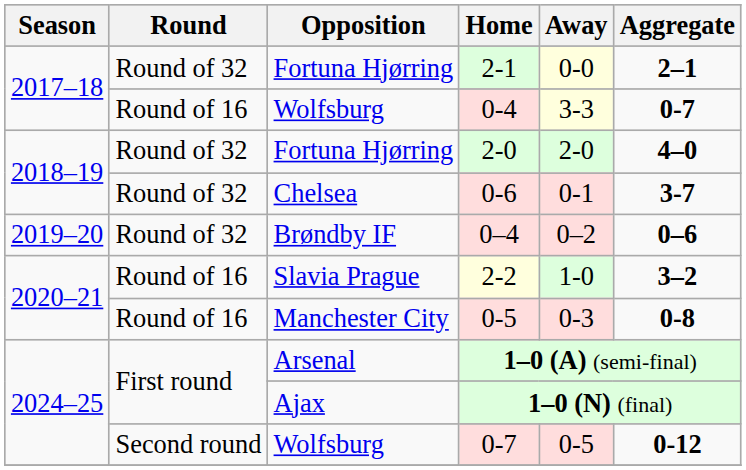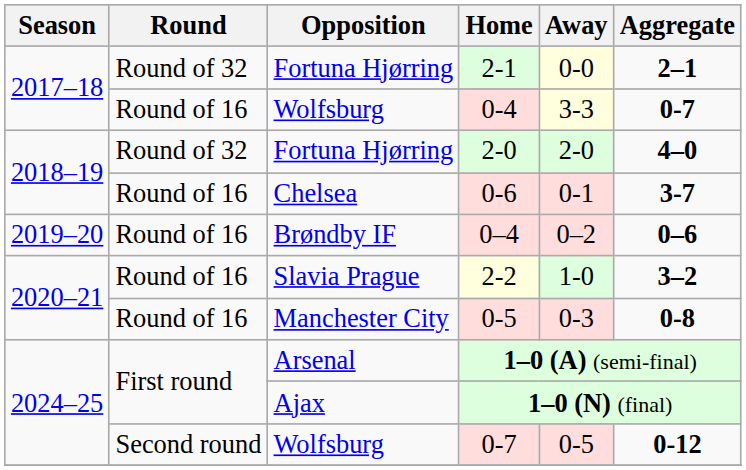 <table class="wikitable plainrowheaders">
 <tr>
 <th scope="col">Season</th>
 <th scope="col">Round</th>
 <th scope="col">Opposition</th>
 <th scope="col">Home</th>
 <th scope="col">Away</th>
 <th scope="col">Aggregate</th>
 </tr>
 <tr>
 <td rowspan="2"><a href='#'>2017–18</a></td>
 <td>Round of 32</td>
 <td> <a href='#'>Fortuna Hjørring</a></td>
 <td style="text-align:center; background:#dfd;">2-1</td>
 <td style="text-align:center; background:#ffd;">0-0</td>
 <td style="text-align:center;"><strong>2–1</strong></td>
 </tr>
 <tr>
 <td>Round of 16</td>
 <td> <a href='#'>Wolfsburg</a></td>
 <td style="text-align:center; background:#fdd;">0-4</td>
 <td style="text-align:center; background:#ffd;">3-3</td>
 <td style="text-align:center;"><strong>0-7</strong></td>
 </tr>
 <tr>
 <td rowspan="2"><a href='#'>2018–19</a></td>
 <td>Round of 32</td>
 <td> <a href='#'>Fortuna Hjørring</a></td>
 <td style="text-align:center; background:#dfd;">2-0</td>
 <td style="text-align:center; background:#dfd;">2-0</td>
 <td style="text-align:center;"><strong>4–0</strong></td>
 </tr>
 <tr>
-<td>Round of 32</td>
+<td>Round of 16</td>
 <td> <a href='#'>Chelsea</a></td>
 <td style="text-align:center; background:#fdd;">0-6</td>
 <td style="text-align:center; background:#fdd;">0-1</td>
 <td style="text-align:center;"><strong>3-7</strong></td>
 </tr>
 <tr>
 <td><a href='#'>2019–20</a></td>
-<td>Round of 32</td>
+<td>Round of 16</td>
 <td> <a href='#'>Brøndby IF</a></td>
 <td style="text-align:center; background:#fdd;">0–4</td>
 <td style="text-align:center; background:#fdd;">0–2</td>
 <td style="text-align:center;"><strong>0–6</strong></td>
 </tr>
 <tr>
 <td rowspan="2"><a href='#'>2020–21</a></td>
 <td>Round of 16</td>
 <td> <a href='#'>Slavia Prague</a></td>
 <td style="text-align:center; background:#ffd;">2-2</td>
 <td style="text-align:center; background:#dfd;">1-0</td>
 <td style="text-align:center;"><strong>3–2</strong></td>
 </tr>
 <tr>
 <td>Round of 16</td>
 <td> <a href='#'>Manchester City</a></td>
 <td style="text-align:center; background:#fdd;">0-5</td>
 <td style="text-align:center; background:#fdd;">0-3</td>
 <td style="text-align:center;"><strong>0-8</strong></td>
 </tr>
 <tr>
 <td rowspan="3"><a href='#'>2024–25</a></td>
 <td rowspan="2">First round</td>
 <td> <a href='#'>Arsenal</a></td>
 <td colspan="3" style="text-align:center; background:#dfd;"><strong>1–0 (A)</strong> <small>(semi-final)</small></td>
 </tr>
 <tr>
 <td> <a href='#'>Ajax</a></td>
 <td colspan="3" style="text-align:center; background:#dfd;"><strong>1–0 (N)</strong> <small>(final)</small></td>
 </tr>
 <tr>
 <td>Second round</td>
 <td> <a href='#'>Wolfsburg</a></td>
 <td style="text-align:center; background:#fdd;">0-7</td>
 <td style="text-align:center; background:#fdd;">0-5</td>
 <td style="text-align:center;"><strong>0-12</strong></td>
 </tr>
 <tr>
 </tr>
 </table>
